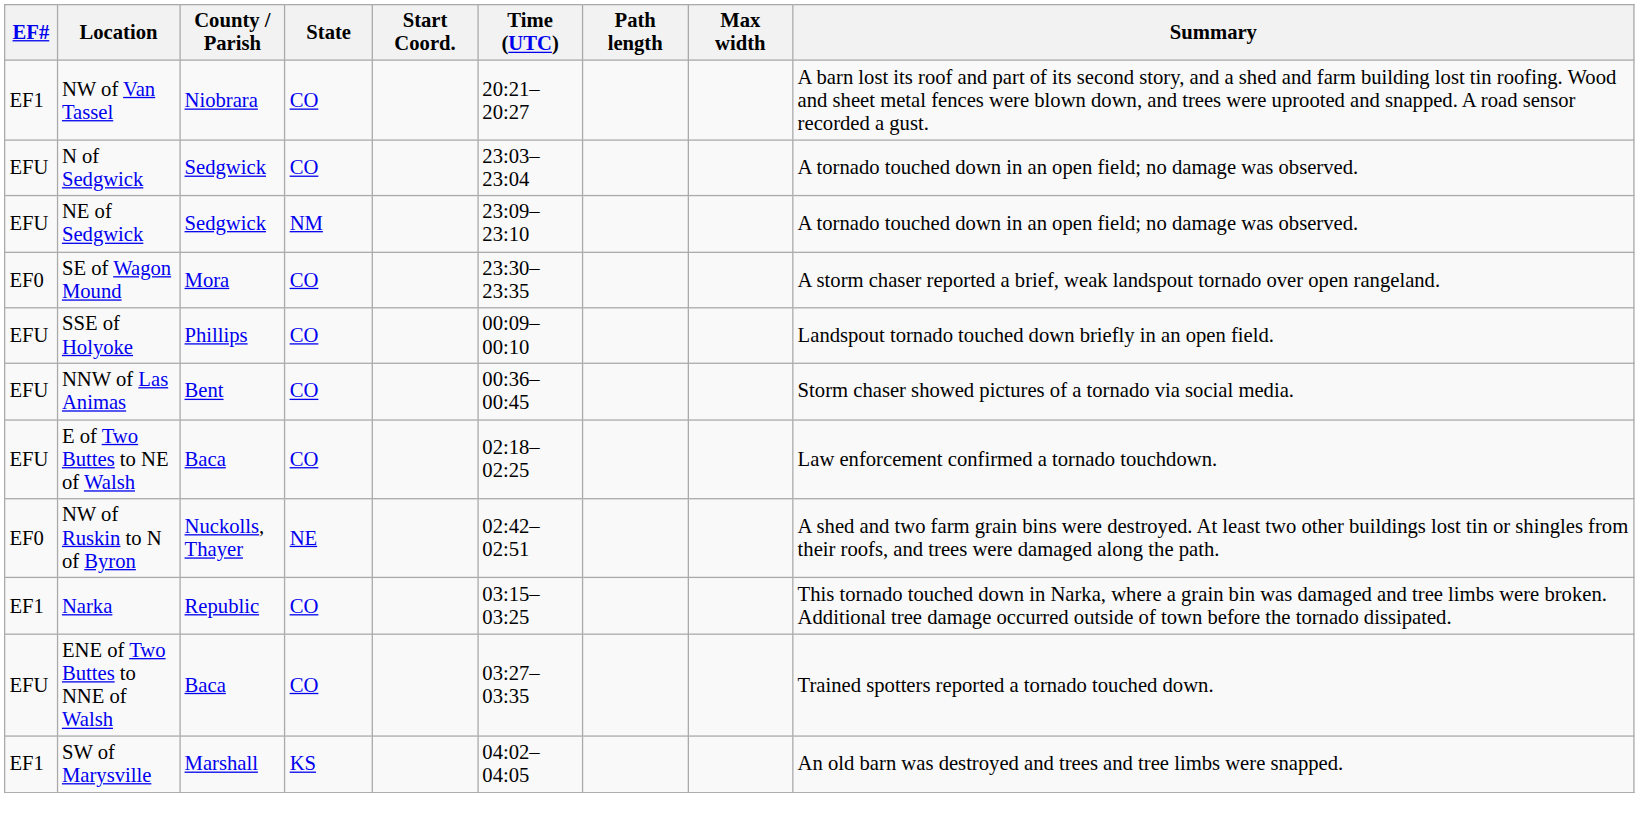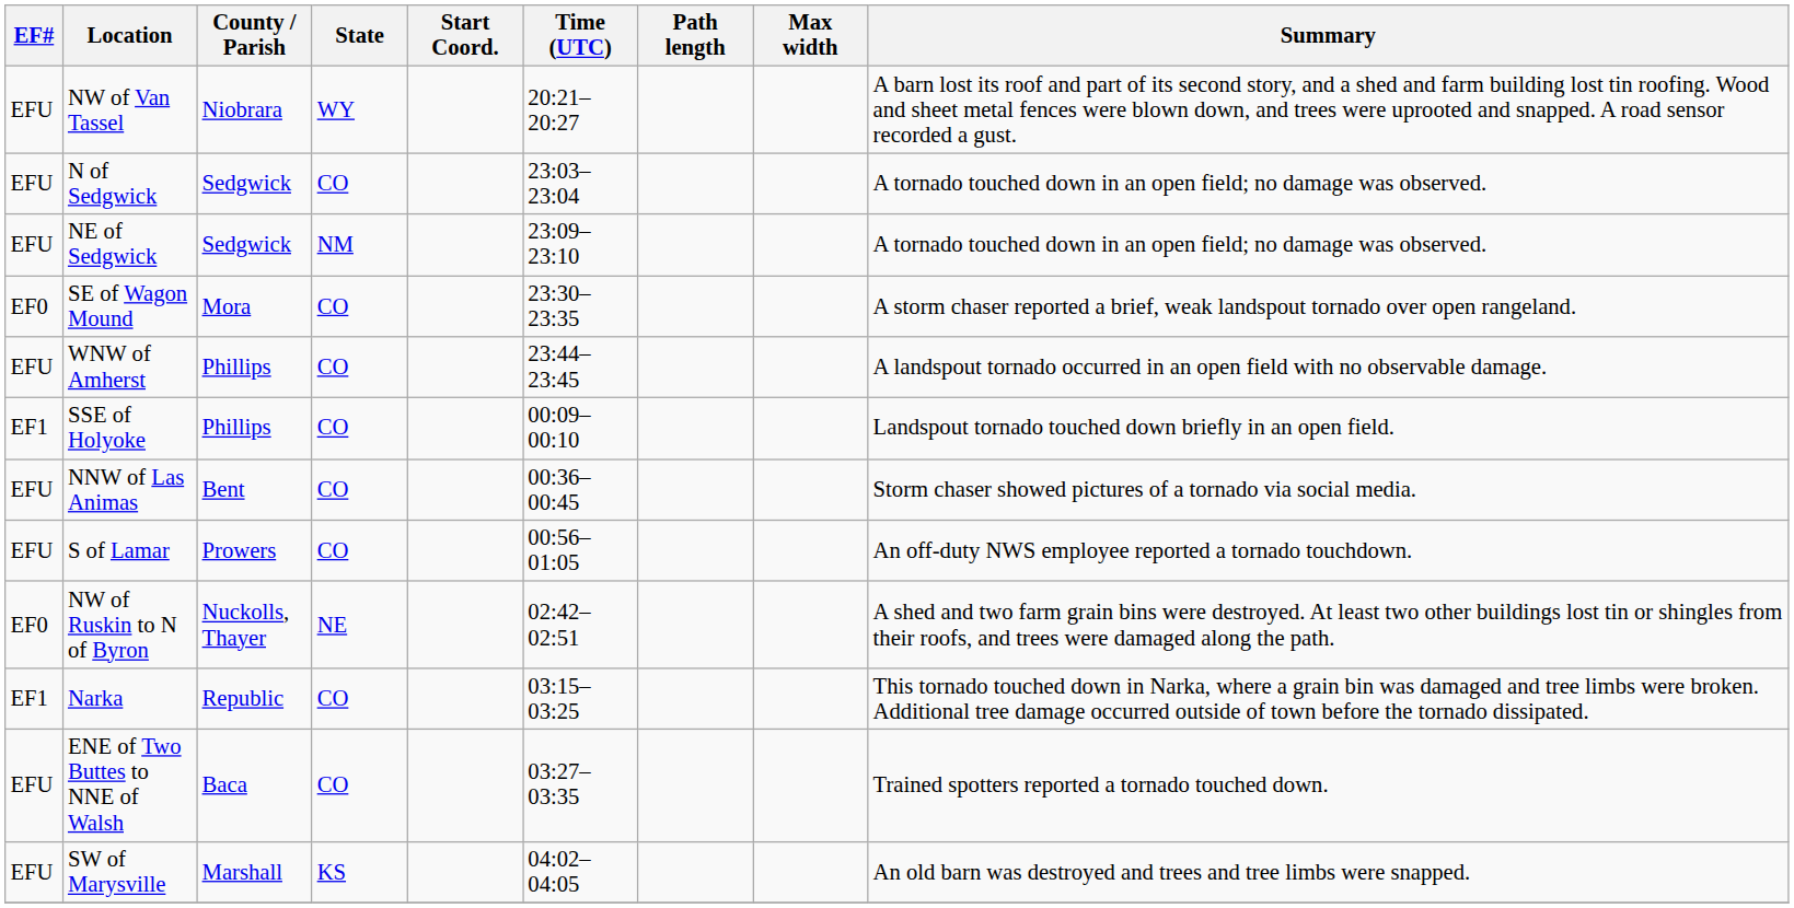 <table class="wikitable sortable" style="width:100%;">
 <tr>
 <th scope="col"  style="width:3%; text-align:center;"><a href='#'>EF#</a></th>
 <th scope="col"  style="width:7%; text-align:center;" class="unsortable">Location</th>
 <th scope="col"  style="width:6%; text-align:center;" class="unsortable">County / Parish</th>
 <th scope="col"  style="width:5%; text-align:center;">State</th>
 <th scope="col"  style="width:6%; text-align:center;">Start Coord.</th>
 <th scope="col"  style="width:6%; text-align:center;">Time (<a href='#'>UTC</a>)</th>
 <th scope="col"  style="width:6%; text-align:center;">Path length</th>
 <th scope="col"  style="width:6%; text-align:center;">Max width</th>
 <th scope="col" class="unsortable" style="width:48%; text-align:center;">Summary</th>
 </tr>
 <tr>
-<td>EF1</td>
+<td>EFU</td>
 <td>NW of <a href='#'>Van Tassel</a></td>
 <td><a href='#'>Niobrara</a></td>
-<td><a href='#'>CO</a></td>
+<td><a href='#'>WY</a></td>
 <td></td>
 <td>20:21–20:27</td>
 <td></td>
 <td></td>
 <td>A barn lost its roof and part of its second story, and a shed and farm building lost tin roofing. Wood and sheet metal fences were blown down, and trees were uprooted and snapped. A road sensor recorded a  gust.</td>
 </tr>
 <tr>
 <td>EFU</td>
 <td>N of <a href='#'>Sedgwick</a></td>
 <td><a href='#'>Sedgwick</a></td>
 <td><a href='#'>CO</a></td>
 <td></td>
 <td>23:03–23:04</td>
 <td></td>
 <td></td>
 <td>A tornado touched down in an open field; no damage was observed.</td>
 </tr>
 <tr>
 <td>EFU</td>
 <td>NE of <a href='#'>Sedgwick</a></td>
 <td><a href='#'>Sedgwick</a></td>
 <td><a href='#'>NM</a></td>
 <td></td>
 <td>23:09–23:10</td>
 <td></td>
 <td></td>
 <td>A tornado touched down in an open field; no damage was observed.</td>
 </tr>
 <tr>
 <td>EF0</td>
 <td>SE of <a href='#'>Wagon Mound</a></td>
 <td><a href='#'>Mora</a></td>
 <td><a href='#'>CO</a></td>
 <td></td>
 <td>23:30–23:35</td>
 <td></td>
 <td></td>
 <td>A storm chaser reported a brief, weak landspout tornado over open rangeland.</td>
 </tr>
 <tr>
 <td>EFU</td>
+<td>WNW of <a href='#'>Amherst</a></td>
+<td><a href='#'>Phillips</a></td>
+<td><a href='#'>CO</a></td>
+<td></td>
+<td>23:44–23:45</td>
+<td></td>
+<td></td>
+<td>A landspout tornado occurred in an open field with no observable damage.</td>
+</tr>
+<tr>
+<td>EF1</td>
 <td>SSE of <a href='#'>Holyoke</a></td>
 <td><a href='#'>Phillips</a></td>
 <td><a href='#'>CO</a></td>
 <td></td>
 <td>00:09–00:10</td>
 <td></td>
 <td></td>
 <td>Landspout tornado touched down briefly in an open field.</td>
 </tr>
 <tr>
 <td>EFU</td>
 <td>NNW of <a href='#'>Las Animas</a></td>
 <td><a href='#'>Bent</a></td>
 <td><a href='#'>CO</a></td>
 <td></td>
 <td>00:36–00:45</td>
 <td></td>
 <td></td>
 <td>Storm chaser showed pictures of a tornado via social media.</td>
 </tr>
 <tr>
 <td>EFU</td>
-<td>E of <a href='#'>Two Buttes</a> to NE of <a href='#'>Walsh</a></td>
-<td><a href='#'>Baca</a></td>
+<td>S of <a href='#'>Lamar</a></td>
+<td><a href='#'>Prowers</a></td>
 <td><a href='#'>CO</a></td>
 <td></td>
-<td>02:18–02:25</td>
+<td>00:56–01:05</td>
 <td></td>
 <td></td>
-<td>Law enforcement confirmed a tornado touchdown.</td>
+<td>An off-duty NWS employee reported a tornado touchdown.</td>
 </tr>
 <tr>
 <td>EF0</td>
 <td>NW of <a href='#'>Ruskin</a> to N of <a href='#'>Byron</a></td>
 <td><a href='#'>Nuckolls</a>, <a href='#'>Thayer</a></td>
 <td><a href='#'>NE</a></td>
 <td></td>
 <td>02:42–02:51</td>
 <td></td>
 <td></td>
 <td>A shed and two farm grain bins were destroyed. At least two other buildings lost tin or shingles from their roofs, and trees were damaged along the path.</td>
 </tr>
 <tr>
 <td>EF1</td>
 <td><a href='#'>Narka</a></td>
 <td><a href='#'>Republic</a></td>
 <td><a href='#'>CO</a></td>
 <td></td>
 <td>03:15–03:25</td>
 <td></td>
 <td></td>
 <td>This tornado touched down in Narka, where a grain bin was damaged and tree limbs were broken. Additional tree damage occurred outside of town before the tornado dissipated.</td>
 </tr>
 <tr>
 <td>EFU</td>
 <td>ENE of <a href='#'>Two Buttes</a> to NNE of <a href='#'>Walsh</a></td>
 <td><a href='#'>Baca</a></td>
 <td><a href='#'>CO</a></td>
 <td></td>
 <td>03:27–03:35</td>
 <td></td>
 <td></td>
 <td>Trained spotters reported a tornado touched down.</td>
 </tr>
 <tr>
-<td>EF1</td>
+<td>EFU</td>
 <td>SW of <a href='#'>Marysville</a></td>
 <td><a href='#'>Marshall</a></td>
 <td><a href='#'>KS</a></td>
 <td></td>
 <td>04:02–04:05</td>
 <td></td>
 <td></td>
 <td>An old barn was destroyed and trees and tree limbs were snapped.</td>
 </tr>
 <tr>
 </tr>
 </table>
